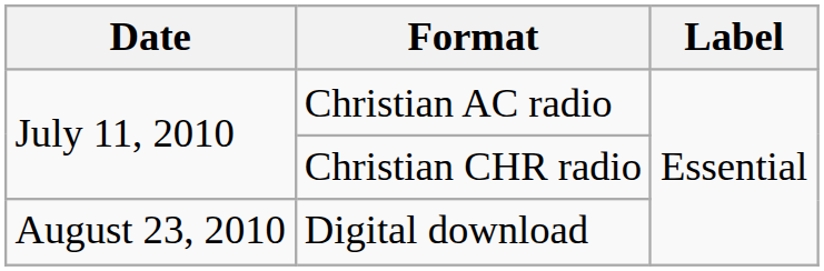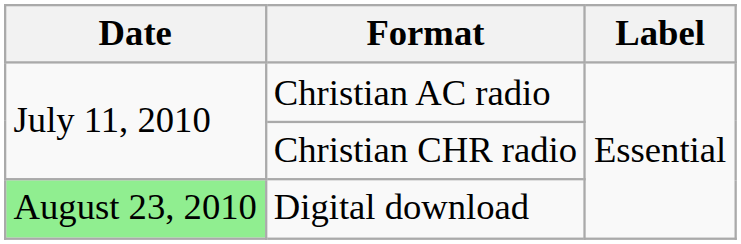 <table class="wikitable sortable plainrowheaders">
 <tr>
 <th scope="col">Date</th>
 <th scope="col">Format</th>
 <th scope="col">Label</th>
 </tr>
 <tr>
 <td rowspan="2">July 11, 2010</td>
 <td>Christian AC radio</td>
 <td rowspan="3">Essential</td>
 </tr>
 <tr>
 <td>Christian CHR radio</td>
 </tr>
 <tr>
-<td>August 23, 2010</td>
+<td style="background: lightgreen;">August 23, 2010</td>
 <td>Digital download</td>
 </tr>
 </table>
